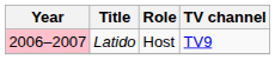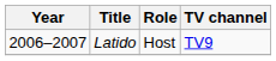 <table class="wikitable">
 <tr>
 <th>Year</th>
 <th>Title</th>
 <th>Role</th>
 <th>TV channel</th>
 </tr>
 <tr>
-<td style="background: pink;">2006–2007</td>
+<td>2006–2007</td>
 <td><em>Latido</em></td>
 <td>Host</td>
 <td><a href='#'>TV9</a></td>
 </tr>
 <tr>
 </tr>
 </table>
